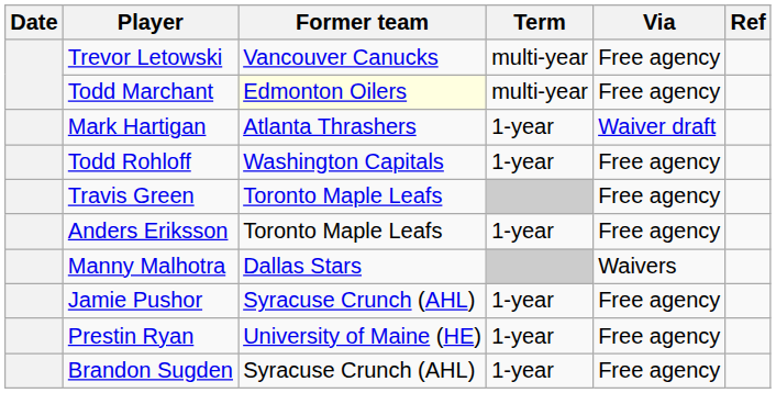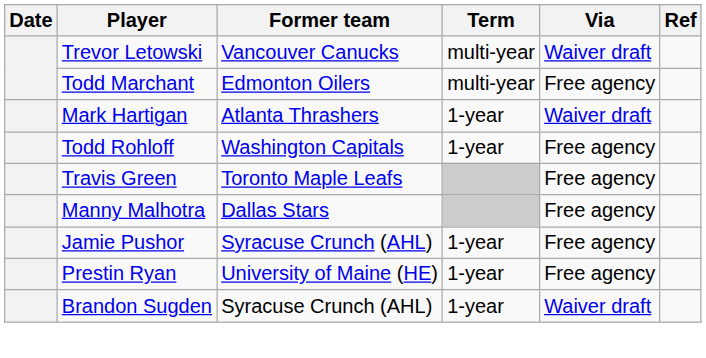 <table class="wikitable plainrowheaders">
 <tr style="background:#ddd; text-align:center;">
 <th>Date</th>
 <th>Player</th>
 <th>Former team</th>
 <th>Term</th>
 <th>Via</th>
 <th>Ref</th>
 </tr>
 <tr>
 <th scope="row" rowspan=2></th>
 <td><a href='#'>Trevor Letowski</a></td>
 <td><a href='#'>Vancouver Canucks</a></td>
 <td>multi-year</td>
-<td>Free agency</td>
+<td><a href='#'>Waiver draft</a></td>
 <td></td>
 </tr>
 <tr>
 <td><a href='#'>Todd Marchant</a></td>
-<td style="background: lightyellow;"><a href='#'>Edmonton Oilers</a></td>
+<td><a href='#'>Edmonton Oilers</a></td>
 <td>multi-year</td>
 <td>Free agency</td>
 <td></td>
 </tr>
 <tr>
 <th scope="row"></th>
 <td><a href='#'>Mark Hartigan</a></td>
 <td><a href='#'>Atlanta Thrashers</a></td>
 <td>1-year</td>
 <td><a href='#'>Waiver draft</a></td>
 <td></td>
 </tr>
 <tr>
 <th scope="row"></th>
 <td><a href='#'>Todd Rohloff</a></td>
 <td><a href='#'>Washington Capitals</a></td>
 <td>1-year</td>
 <td>Free agency</td>
 <td></td>
 </tr>
 <tr>
 <th scope="row"></th>
 <td><a href='#'>Travis Green</a></td>
 <td><a href='#'>Toronto Maple Leafs</a></td>
 <td style="background:#ccc"></td>
 <td>Free agency</td>
 <td></td>
 </tr>
 <tr>
 <th scope="row"></th>
-<td><a href='#'>Anders Eriksson</a></td>
-<td>Toronto Maple Leafs</td>
-<td>1-year</td>
-<td>Free agency</td>
-<td></td>
-</tr>
-<tr>
-<th scope="row"></th>
 <td><a href='#'>Manny Malhotra</a></td>
 <td><a href='#'>Dallas Stars</a></td>
 <td style="background:#ccc"></td>
-<td>Waivers</td>
+<td>Free agency</td>
 <td></td>
 </tr>
 <tr>
 <th scope="row"></th>
 <td><a href='#'>Jamie Pushor</a></td>
 <td><a href='#'>Syracuse Crunch</a> (<a href='#'>AHL</a>)</td>
 <td>1-year</td>
 <td>Free agency</td>
 <td></td>
 </tr>
 <tr>
 <th scope="row"></th>
 <td><a href='#'>Prestin Ryan</a></td>
 <td><a href='#'>University of Maine</a> (<a href='#'>HE</a>)</td>
 <td>1-year</td>
 <td>Free agency</td>
 <td></td>
 </tr>
 <tr>
 <th scope="row"></th>
 <td><a href='#'>Brandon Sugden</a></td>
 <td>Syracuse Crunch (AHL)</td>
 <td>1-year</td>
-<td>Free agency</td>
+<td><a href='#'>Waiver draft</a></td>
 <td></td>
 </tr>
 </table>
